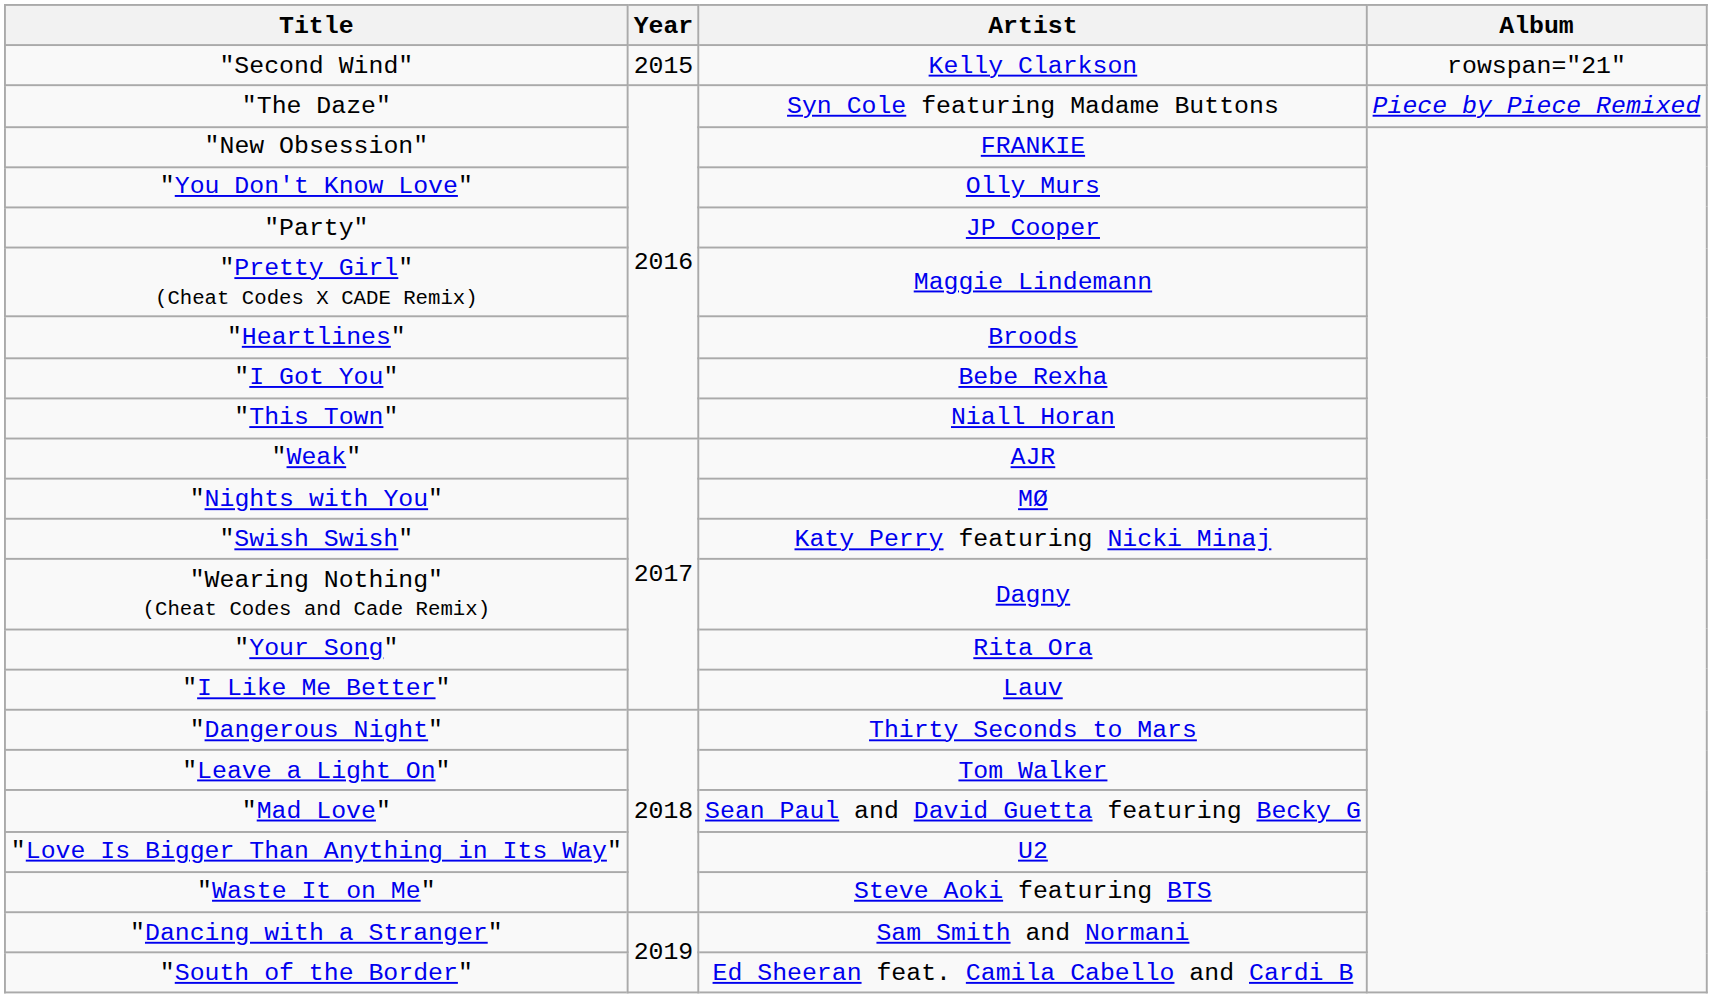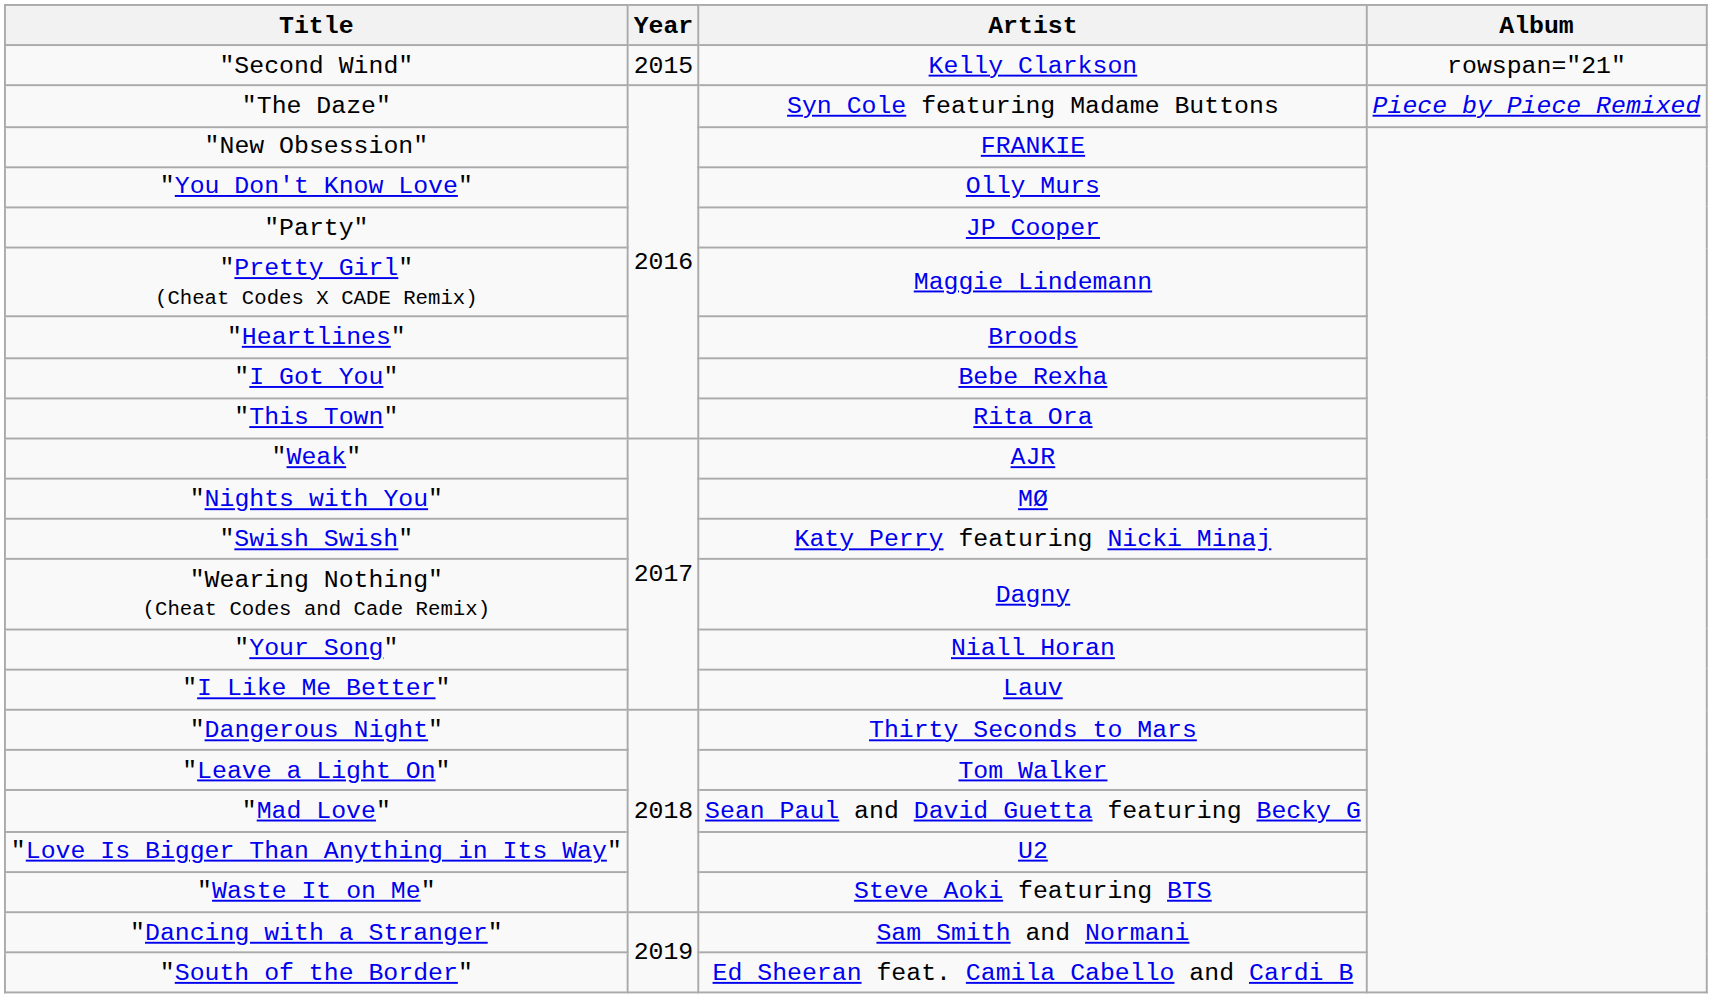 <table class="wikitable plainrowheaders" style="text-align:center;" border="1">
 <tr>
 <th>Title</th>
 <th>Year</th>
 <th>Artist</th>
 <th>Album</th>
 </tr>
 <tr>
 <td>"Second Wind"</td>
 <td>2015</td>
 <td><a href='#'>Kelly Clarkson</a></td>
 <td>rowspan="21" </td>
 </tr>
 <tr>
 <td>"The Daze"</td>
 <td rowspan="8">2016</td>
 <td><a href='#'>Syn Cole</a> featuring Madame Buttons</td>
 <td><em><a href='#'>Piece by Piece Remixed</a></em></td>
 </tr>
 <tr>
 <td>"New Obsession"</td>
 <td><a href='#'>FRANKIE</a></td>
 </tr>
 <tr>
 <td>"<a href='#'>You Don't Know Love</a>"</td>
 <td><a href='#'>Olly Murs</a></td>
 </tr>
 <tr>
 <td>"Party"</td>
 <td><a href='#'>JP Cooper</a></td>
 </tr>
 <tr>
 <td>"<a href='#'>Pretty Girl</a>"<br><small>(Cheat Codes X CADE Remix)</small></td>
 <td><a href='#'>Maggie Lindemann</a></td>
 </tr>
 <tr>
 <td>"<a href='#'>Heartlines</a>"</td>
 <td><a href='#'>Broods</a></td>
 </tr>
 <tr>
 <td>"<a href='#'>I Got You</a>"</td>
 <td><a href='#'>Bebe Rexha</a></td>
 </tr>
 <tr>
 <td>"<a href='#'>This Town</a>"</td>
-<td><a href='#'>Niall Horan</a></td>
+<td><a href='#'>Rita Ora</a></td>
 </tr>
 <tr>
 <td>"<a href='#'>Weak</a>"</td>
 <td rowspan="6">2017</td>
 <td><a href='#'>AJR</a></td>
 </tr>
 <tr>
 <td>"<a href='#'>Nights with You</a>"</td>
 <td><a href='#'>MØ</a></td>
 </tr>
 <tr>
 <td>"<a href='#'>Swish Swish</a>"</td>
 <td><a href='#'>Katy Perry</a> featuring <a href='#'>Nicki Minaj</a></td>
 </tr>
 <tr>
 <td>"Wearing Nothing"<br><small>(Cheat Codes and Cade Remix)</small></td>
 <td><a href='#'>Dagny</a></td>
 </tr>
 <tr>
 <td>"<a href='#'>Your Song</a>"</td>
-<td><a href='#'>Rita Ora</a></td>
+<td><a href='#'>Niall Horan</a></td>
 </tr>
 <tr>
 <td>"<a href='#'>I Like Me Better</a>"</td>
 <td><a href='#'>Lauv</a></td>
 </tr>
 <tr>
 <td>"<a href='#'>Dangerous Night</a>"</td>
 <td rowspan="5">2018</td>
 <td><a href='#'>Thirty Seconds to Mars</a></td>
 </tr>
 <tr>
 <td>"<a href='#'>Leave a Light On</a>"</td>
 <td><a href='#'>Tom Walker</a></td>
 </tr>
 <tr>
 <td>"<a href='#'>Mad Love</a>"</td>
 <td><a href='#'>Sean Paul</a> and <a href='#'>David Guetta</a> featuring <a href='#'>Becky G</a></td>
 </tr>
 <tr>
 <td>"<a href='#'>Love Is Bigger Than Anything in Its Way</a>"</td>
 <td><a href='#'>U2</a></td>
 </tr>
 <tr>
 <td>"<a href='#'>Waste It on Me</a>"</td>
 <td><a href='#'>Steve Aoki</a> featuring <a href='#'>BTS</a></td>
 </tr>
 <tr>
 <td>"<a href='#'>Dancing with a Stranger</a>"</td>
 <td rowspan="2">2019</td>
 <td><a href='#'>Sam Smith</a> and <a href='#'>Normani</a></td>
 </tr>
 <tr>
 <td>"<a href='#'>South of the Border</a>"</td>
 <td><a href='#'>Ed Sheeran</a> feat. <a href='#'>Camila Cabello</a> and <a href='#'>Cardi B</a></td>
 </tr>
 </table>
